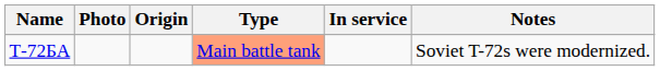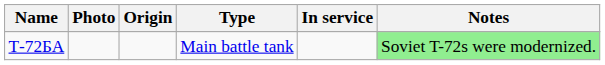 <table class="wikitable">
 <tr>
 <th style="text-align:center;">Name</th>
 <th style="text-align:l center;">Photo</th>
 <th style="text-align: center;">Origin</th>
 <th style="text-align:l center;">Type</th>
 <th style="text-align:l center;">In service</th>
 <th style="text-align: center;">Notes</th>
 </tr>
 <tr>
 </tr>
 <tr>
 <td><a href='#'>Т-72БА</a></td>
 <td></td>
 <td></td>
-<td style="background: lightsalmon;"><a href='#'>Main battle tank</a></td>
+<td><a href='#'>Main battle tank</a></td>
 <td></td>
-<td>Soviet T-72s were modernized.</td>
+<td style="background: lightgreen;">Soviet T-72s were modernized.</td>
 </tr>
 </table>
